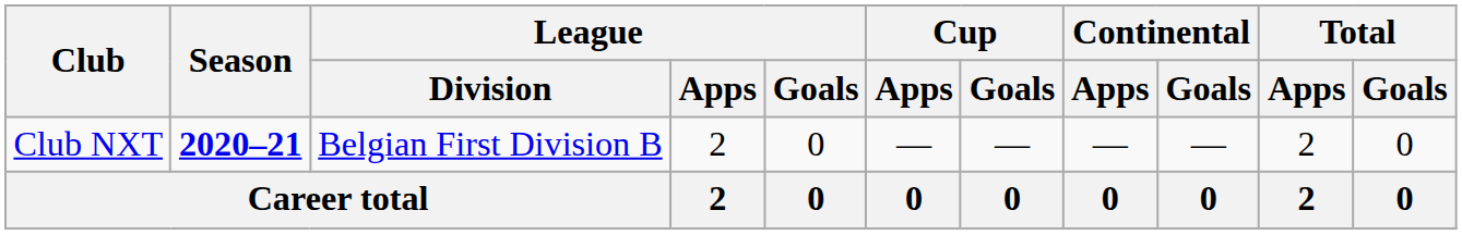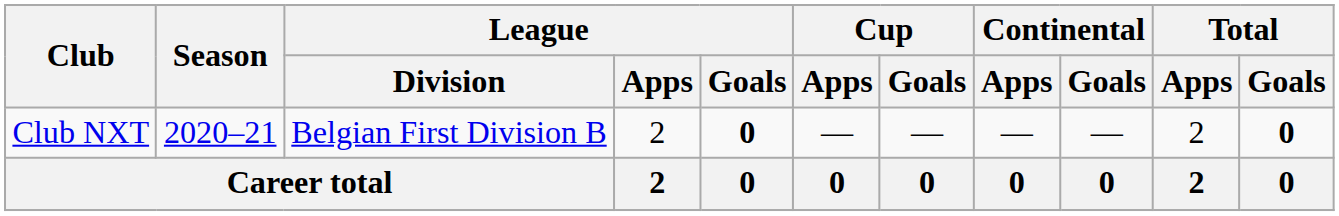 <table class=wikitable style=text-align:center>
 <tr>
 <th rowspan=2>Club</th>
 <th rowspan=2>Season</th>
 <th colspan=3>League</th>
 <th colspan=2>Cup</th>
 <th colspan=2>Continental</th>
 <th colspan=2>Total</th>
 </tr>
 <tr>
 <th>Division</th>
 <th>Apps</th>
 <th>Goals</th>
 <th>Apps</th>
 <th>Goals</th>
 <th>Apps</th>
 <th>Goals</th>
 <th>Apps</th>
 <th>Goals</th>
 </tr>
 <tr>
 <td rowspan=1><a href='#'>Club NXT</a></td>
-<td><strong><a href='#'>2020–21</a></strong></td>
+<td><a href='#'>2020–21</a></td>
 <td><a href='#'>Belgian First Division B</a></td>
 <td>2</td>
-<td>0</td>
+<td><strong>0</strong></td>
 <td>—</td>
 <td>—</td>
 <td>—</td>
 <td>—</td>
 <td>2</td>
-<td>0</td>
+<td><strong>0</strong></td>
 </tr>
 <tr>
 <th colspan=3>Career total</th>
 <th>2</th>
 <th>0</th>
 <th>0</th>
 <th>0</th>
 <th>0</th>
 <th>0</th>
 <th>2</th>
 <th>0</th>
 </tr>
 </table>
